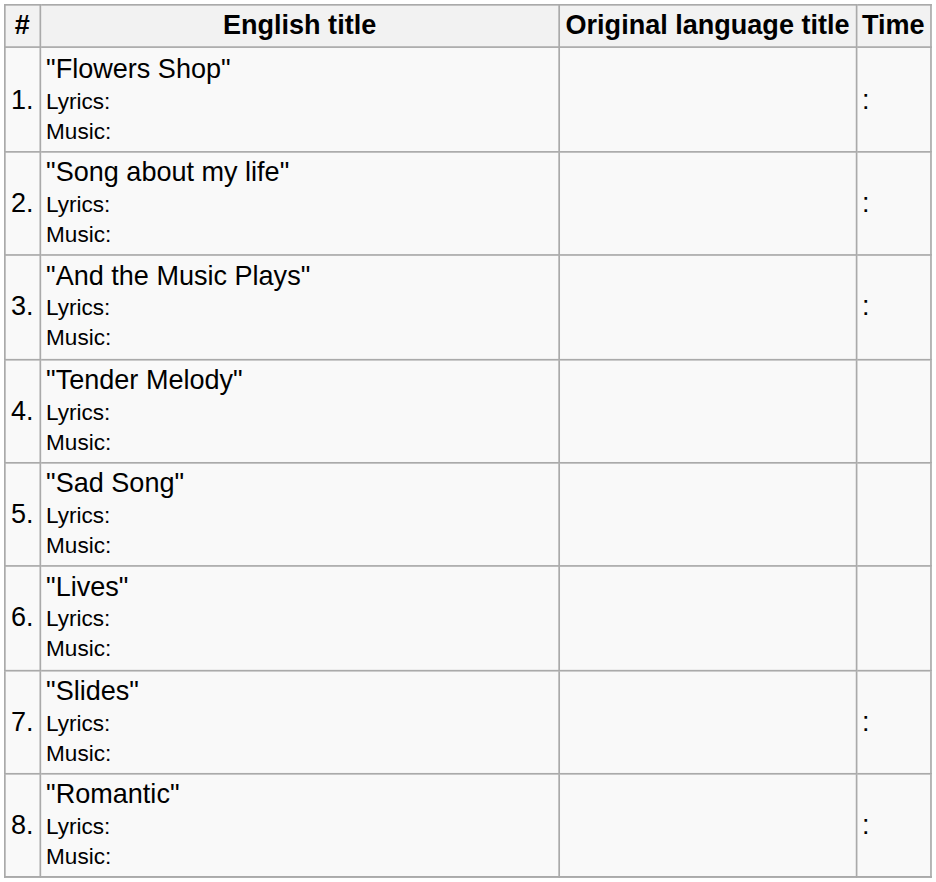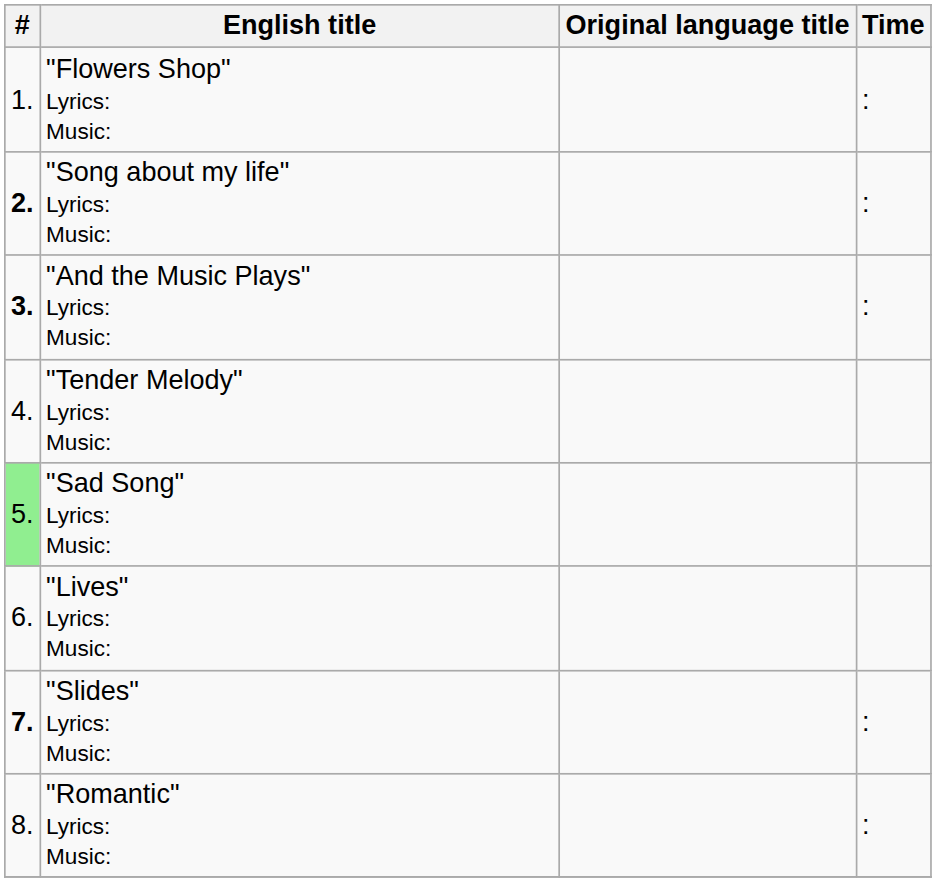 <table class="wikitable">
 <tr>
 <th>#</th>
 <th width="300">English title</th>
 <th>Original language title</th>
 <th>Time</th>
 </tr>
 <tr>
 <td>1.</td>
 <td>"Flowers Shop"<br><small>Lyrics:</small> <br><small>Music:</small></td>
 <td></td>
 <td>:</td>
 </tr>
 <tr>
-<td>2.</td>
+<td><strong>2.</strong></td>
 <td>"Song about my life"<br><small>Lyrics:</small> <br><small>Music:</small></td>
 <td> </td>
 <td>:</td>
 </tr>
 <tr>
-<td>3.</td>
+<td><strong>3.</strong></td>
 <td>"And the Music Plays"<br><small>Lyrics:</small> <br><small>Music:</small></td>
 <td></td>
 <td>:</td>
 </tr>
 <tr>
 <td>4.</td>
 <td>"Tender Melody"<br><small>Lyrics:</small> <br><small>Music:</small></td>
 <td></td>
 <td></td>
 </tr>
 <tr>
-<td>5.</td>
+<td style="background: lightgreen;">5.</td>
 <td>"Sad Song"<br><small>Lyrics:</small> <br><small>Music:</small></td>
 <td></td>
 <td></td>
 </tr>
 <tr>
 <td>6.</td>
 <td>"Lives"<br><small>Lyrics:</small> <br><small>Music:</small></td>
 <td></td>
 <td></td>
 </tr>
 <tr>
-<td>7.</td>
+<td><strong>7.</strong></td>
 <td>"Slides"<br><small>Lyrics:</small> <br><small>Music:</small></td>
 <td></td>
 <td>:</td>
 </tr>
 <tr>
 <td>8.</td>
 <td>"Romantic"<br><small>Lyrics:</small> <br><small>Music:</small></td>
 <td></td>
 <td>:</td>
 </tr>
 <tr>
 </tr>
 </table>
